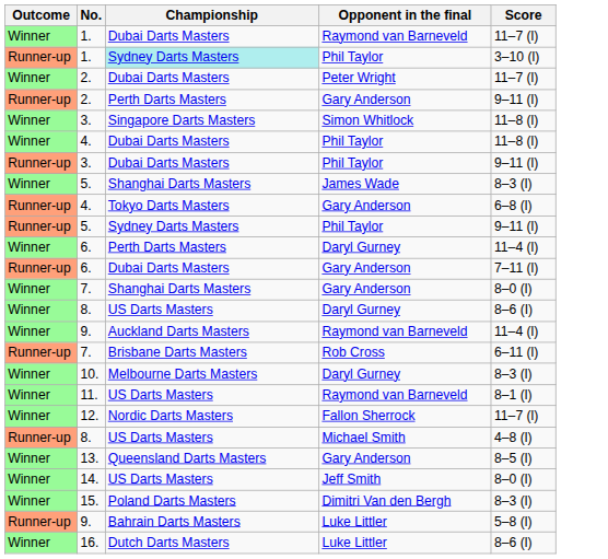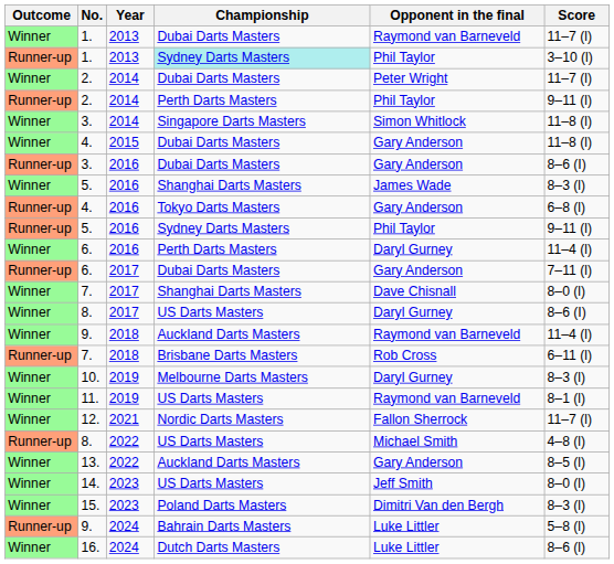 <table class="sortable wikitable">
 <tr>
 <th style="width:80px;">Outcome</th>
 <th style="width:20px;">No.</th>
+<th style="width:50px;">Year</th>
 <th style="width:250px;">Championship</th>
 <th style="width:200px;">Opponent in the final</th>
 <th style="width:70px;">Score</th>
 </tr>
 <tr style=>
 <td style="background:#98FB98">Winner</td>
 <td>1.</td>
+<td><a href='#'>2013</a></td>
 <td><a href='#'>Dubai Darts Masters</a></td>
 <td> <a href='#'>Raymond van Barneveld</a></td>
 <td>11–7 (l)</td>
 </tr>
 <tr>
 <td style="background:#ffa07a">Runner-up</td>
 <td>1.</td>
+<td><a href='#'>2013</a></td>
 <td style="background: paleturquoise;"><a href='#'>Sydney Darts Masters</a></td>
 <td> <a href='#'>Phil Taylor</a></td>
 <td>3–10 (l)</td>
 </tr>
 <tr>
 <td style="background:#98FB98">Winner</td>
 <td>2.</td>
+<td><a href='#'>2014</a></td>
 <td><a href='#'>Dubai Darts Masters</a></td>
 <td> <a href='#'>Peter Wright</a></td>
 <td>11–7 (l)</td>
 </tr>
 <tr>
 <td style="background:#ffa07a">Runner-up</td>
 <td>2.</td>
+<td><a href='#'>2014</a></td>
 <td><a href='#'>Perth Darts Masters</a></td>
-<td> <a href='#'>Gary Anderson</a></td>
+<td> <a href='#'>Phil Taylor</a></td>
 <td>9–11 (l)</td>
 </tr>
 <tr>
 <td style="background:#98FB98">Winner</td>
 <td>3.</td>
+<td><a href='#'>2014</a></td>
 <td><a href='#'>Singapore Darts Masters</a></td>
 <td> <a href='#'>Simon Whitlock</a></td>
 <td>11–8 (l)</td>
 </tr>
 <tr>
 <td style="background:#98FB98">Winner</td>
 <td>4.</td>
+<td><a href='#'>2015</a></td>
 <td><a href='#'>Dubai Darts Masters</a></td>
-<td> <a href='#'>Phil Taylor</a></td>
+<td> <a href='#'>Gary Anderson</a></td>
 <td>11–8 (l)</td>
 </tr>
 <tr>
 <td style="background:#ffa07a">Runner-up</td>
 <td>3.</td>
+<td><a href='#'>2016</a></td>
 <td><a href='#'>Dubai Darts Masters</a></td>
-<td> <a href='#'>Phil Taylor</a></td>
-<td>9–11 (l)</td>
+<td> <a href='#'>Gary Anderson</a></td>
+<td>8–6 (I)</td>
 </tr>
 <tr>
 <td style="background:#98FB98">Winner</td>
 <td>5.</td>
+<td><a href='#'>2016</a></td>
 <td><a href='#'>Shanghai Darts Masters</a></td>
 <td> <a href='#'>James Wade</a></td>
 <td>8–3 (l)</td>
 </tr>
 <tr>
 <td style="background:#ffa07a">Runner-up</td>
 <td>4.</td>
+<td><a href='#'>2016</a></td>
 <td><a href='#'>Tokyo Darts Masters</a></td>
 <td> <a href='#'>Gary Anderson</a></td>
 <td>6–8 (l)</td>
 </tr>
 <tr>
 <td style="background:#ffa07a">Runner-up</td>
 <td>5.</td>
+<td><a href='#'>2016</a></td>
 <td><a href='#'>Sydney Darts Masters</a></td>
 <td> <a href='#'>Phil Taylor</a></td>
 <td>9–11 (l)</td>
 </tr>
 <tr>
 <td style="background:#98FB98">Winner</td>
 <td>6.</td>
+<td><a href='#'>2016</a></td>
 <td><a href='#'>Perth Darts Masters</a></td>
 <td> <a href='#'>Daryl Gurney</a></td>
 <td>11–4 (l)</td>
 </tr>
 <tr>
 <td style="background:#ffa07a">Runner-up</td>
 <td>6.</td>
+<td><a href='#'>2017</a></td>
 <td><a href='#'>Dubai Darts Masters</a></td>
 <td> <a href='#'>Gary Anderson</a></td>
 <td>7–11 (l)</td>
 </tr>
 <tr>
 <td style="background:#98FB98">Winner</td>
 <td>7.</td>
+<td><a href='#'>2017</a></td>
 <td><a href='#'>Shanghai Darts Masters</a></td>
-<td> <a href='#'>Gary Anderson</a></td>
+<td> <a href='#'>Dave Chisnall</a></td>
 <td>8–0 (l)</td>
 </tr>
 <tr>
 <td style="background:#98FB98">Winner</td>
 <td>8.</td>
+<td><a href='#'>2017</a></td>
 <td><a href='#'>US Darts Masters</a></td>
 <td> <a href='#'>Daryl Gurney</a></td>
 <td>8–6 (I)</td>
 </tr>
 <tr>
 <td style="background:#98FB98">Winner</td>
 <td>9.</td>
+<td><a href='#'>2018</a></td>
 <td><a href='#'>Auckland Darts Masters</a></td>
 <td> <a href='#'>Raymond van Barneveld</a></td>
 <td>11–4 (l)</td>
 </tr>
 <tr>
 <td style="background:#ffa07a">Runner-up</td>
 <td>7.</td>
+<td><a href='#'>2018</a></td>
 <td><a href='#'>Brisbane Darts Masters</a></td>
 <td> <a href='#'>Rob Cross</a></td>
 <td>6–11 (l)</td>
 </tr>
 <tr>
 <td style="background:#98FB98">Winner</td>
 <td>10.</td>
+<td><a href='#'>2019</a></td>
 <td><a href='#'>Melbourne Darts Masters</a></td>
 <td> <a href='#'>Daryl Gurney</a></td>
 <td>8–3 (l)</td>
 </tr>
 <tr>
 <td style="background:#98FB98">Winner</td>
 <td>11.</td>
+<td><a href='#'>2019</a></td>
 <td><a href='#'>US Darts Masters</a></td>
 <td> <a href='#'>Raymond van Barneveld</a></td>
 <td>8–1 (l)</td>
 </tr>
 <tr>
 <td style="background:#98FB98">Winner</td>
 <td>12.</td>
+<td><a href='#'>2021</a></td>
 <td><a href='#'>Nordic Darts Masters</a></td>
 <td> <a href='#'>Fallon Sherrock</a></td>
 <td>11–7 (l)</td>
 </tr>
 <tr>
 <td style="background:#ffa07a">Runner-up</td>
 <td>8.</td>
+<td><a href='#'>2022</a></td>
 <td><a href='#'>US Darts Masters</a></td>
 <td> <a href='#'>Michael Smith</a></td>
 <td>4–8 (l)</td>
 </tr>
 <tr>
 <td style="background:#98FB98">Winner</td>
 <td>13.</td>
-<td><a href='#'>Queensland Darts Masters</a></td>
+<td><a href='#'>2022</a></td>
+<td><a href='#'>Auckland Darts Masters</a></td>
 <td> <a href='#'>Gary Anderson</a></td>
 <td>8–5 (l)</td>
 </tr>
 <tr>
 <td style="background:#98FB98">Winner</td>
 <td>14.</td>
+<td><a href='#'>2023</a></td>
 <td><a href='#'>US Darts Masters</a></td>
 <td> <a href='#'>Jeff Smith</a></td>
 <td>8–0 (l)</td>
 </tr>
 <tr>
 <td style="background:#98FB98">Winner</td>
 <td>15.</td>
+<td><a href='#'>2023</a></td>
 <td><a href='#'>Poland Darts Masters</a></td>
 <td> <a href='#'>Dimitri Van den Bergh</a></td>
 <td>8–3 (l)</td>
 </tr>
 <tr>
 <td style="background:#ffa07a">Runner-up</td>
 <td>9.</td>
+<td><a href='#'>2024</a></td>
 <td><a href='#'>Bahrain Darts Masters</a></td>
 <td> <a href='#'>Luke Littler</a></td>
 <td>5–8 (l)</td>
 </tr>
 <tr>
 <td style="background:#98FB98">Winner</td>
 <td>16.</td>
+<td><a href='#'>2024</a></td>
 <td><a href='#'>Dutch Darts Masters</a></td>
 <td> <a href='#'>Luke Littler</a></td>
 <td>8–6 (l)</td>
 </tr>
 </table>
